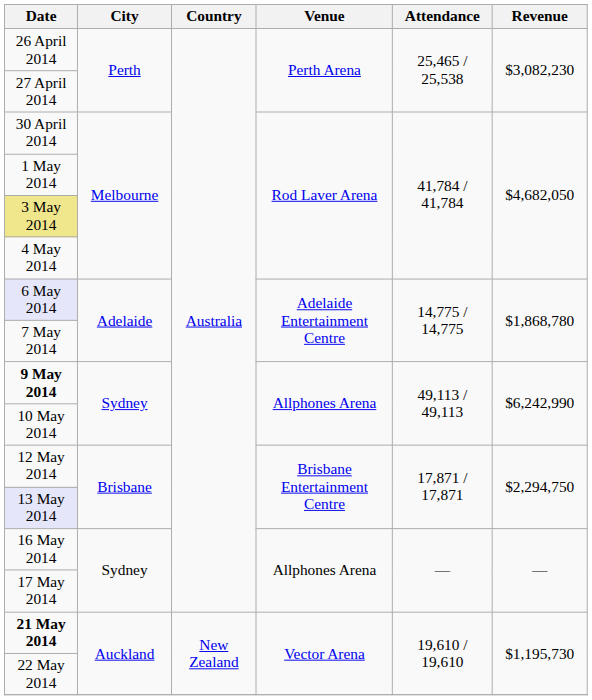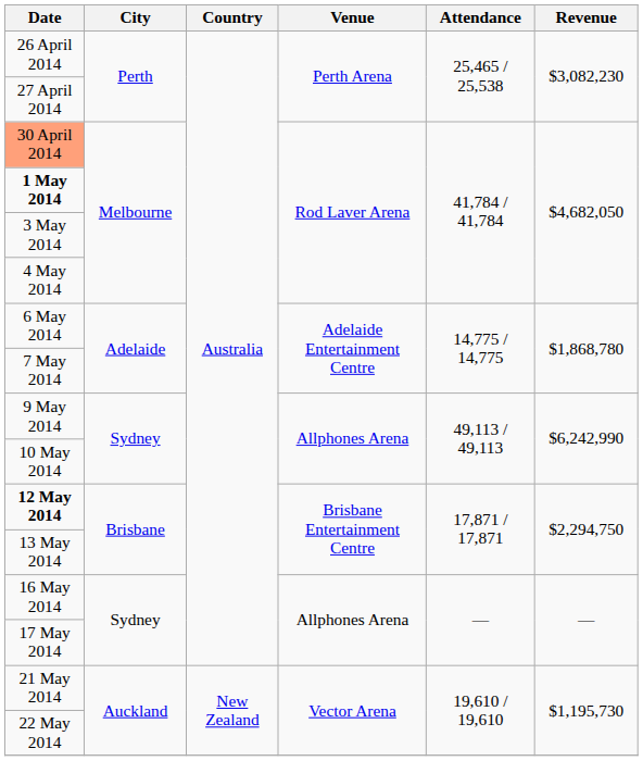 <table class="wikitable" style="text-align:center;">
 <tr>
 <th scope="col" style="width:12em;">Date</th>
 <th scope="col" style="width:10em;">City</th>
 <th scope="col" style="width:10em;">Country</th>
 <th scope="col" style="width:18em;">Venue</th>
 <th scope="col" style="width:10em;">Attendance</th>
 <th scope="col" style="width:10em;">Revenue</th>
 </tr>
 <tr>
 <td>26 April 2014</td>
 <td rowspan="2"><a href='#'>Perth</a></td>
 <td rowspan="14"><a href='#'>Australia</a></td>
 <td rowspan="2"><a href='#'>Perth Arena</a></td>
 <td rowspan="2">25,465 / 25,538</td>
 <td rowspan="2">$3,082,230</td>
 </tr>
 <tr>
 <td>27 April 2014</td>
 </tr>
 <tr>
-<td>30 April 2014</td>
+<td style="background: lightsalmon;">30 April 2014</td>
 <td rowspan="4"><a href='#'>Melbourne</a></td>
 <td rowspan="4"><a href='#'>Rod Laver Arena</a></td>
 <td rowspan="4">41,784 / 41,784</td>
 <td rowspan="4">$4,682,050</td>
 </tr>
 <tr>
-<td>1 May 2014</td>
+<td><strong>1 May 2014</strong></td>
 </tr>
 <tr>
-<td style="background: khaki;">3 May 2014</td>
+<td>3 May 2014</td>
 </tr>
 <tr>
 <td>4 May 2014</td>
 </tr>
 <tr>
-<td style="background: lavender;">6 May 2014</td>
+<td>6 May 2014</td>
 <td rowspan="2"><a href='#'>Adelaide</a></td>
 <td rowspan="2"><a href='#'>Adelaide Entertainment Centre</a></td>
 <td rowspan="2">14,775 / 14,775</td>
 <td rowspan="2">$1,868,780</td>
 </tr>
 <tr>
 <td>7 May 2014</td>
 </tr>
 <tr>
-<td><strong>9 May 2014</strong></td>
+<td>9 May 2014</td>
 <td rowspan="2"><a href='#'>Sydney</a></td>
 <td rowspan="2"><a href='#'>Allphones Arena</a></td>
 <td rowspan="2">49,113 / 49,113</td>
 <td rowspan="2">$6,242,990</td>
 </tr>
 <tr>
 <td>10 May 2014</td>
 </tr>
 <tr>
-<td>12 May 2014</td>
+<td><strong>12 May 2014</strong></td>
 <td rowspan="2"><a href='#'>Brisbane</a></td>
 <td rowspan="2"><a href='#'>Brisbane Entertainment Centre</a></td>
 <td rowspan="2">17,871 / 17,871</td>
 <td rowspan="2">$2,294,750</td>
 </tr>
 <tr>
-<td style="background: lavender;">13 May 2014</td>
+<td>13 May 2014</td>
 </tr>
 <tr>
 <td>16 May 2014</td>
 <td rowspan="2">Sydney</td>
 <td rowspan="2">Allphones Arena</td>
 <td rowspan="2">—</td>
 <td rowspan="2">—</td>
 </tr>
 <tr>
 <td>17 May 2014</td>
 </tr>
 <tr>
-<td><strong>21 May 2014</strong></td>
+<td>21 May 2014</td>
 <td rowspan="2"><a href='#'>Auckland</a></td>
 <td rowspan="2"><a href='#'>New Zealand</a></td>
 <td rowspan="2"><a href='#'>Vector Arena</a></td>
 <td rowspan="2">19,610 / 19,610</td>
 <td rowspan="2">$1,195,730</td>
 </tr>
 <tr>
 <td>22 May 2014</td>
 </tr>
 <tr>
 </tr>
 </table>
